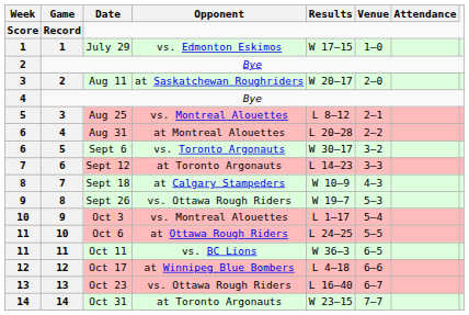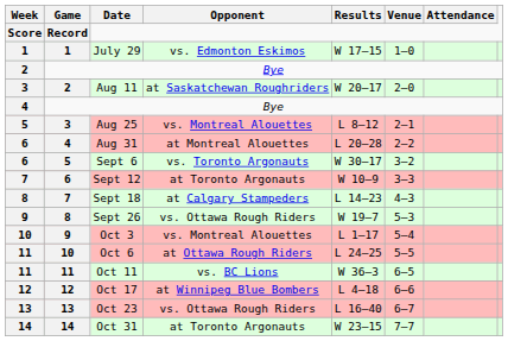 <table class="wikitable" style="text-align:center">
 <tr>
 <th>Week</th>
 <th>Game</th>
 <th>Date</th>
 <th>Opponent</th>
 <th>Results</th>
 <th>Venue</th>
 <th>Attendance</th>
 </tr>
 <tr>
 <th>Score</th>
 <th>Record</th>
 </tr>
 <tr style="background:#ddffdd">
 <th>1</th>
 <th>1</th>
 <td>July 29</td>
 <td>vs. <a href='#'>Edmonton Eskimos</a></td>
 <td>W 17–15</td>
 <td>1–0</td>
 <td></td>
 <td></td>
 </tr>
 <tr>
 <th>2</th>
 <td colspan="7"><em><a href='#'>Bye</a></em></td>
 </tr>
 <tr style="background:#ddffdd">
 <th>3</th>
 <th>2</th>
 <td>Aug 11</td>
 <td>at <a href='#'>Saskatchewan Roughriders</a></td>
 <td>W 20–17</td>
 <td>2–0</td>
 <td></td>
 <td></td>
 </tr>
 <tr>
 <th>4</th>
 <td colspan="7"><em>Bye</em></td>
 </tr>
 <tr style="background:#ffbbbb">
 <th>5</th>
 <th>3</th>
 <td>Aug 25</td>
 <td>vs. <a href='#'>Montreal Alouettes</a></td>
 <td>L 8–12</td>
 <td>2–1</td>
 <td></td>
 <td></td>
 </tr>
 <tr style="background:#ffbbbb">
 <th>6</th>
 <th>4</th>
 <td>Aug 31</td>
 <td>at Montreal Alouettes</td>
 <td>L 20–28</td>
 <td>2–2</td>
 <td></td>
 <td></td>
 </tr>
 <tr style="background:#ddffdd">
 <th>6</th>
 <th>5</th>
 <td>Sept 6</td>
 <td>vs. <a href='#'>Toronto Argonauts</a></td>
 <td>W 30–17</td>
 <td>3–2</td>
 <td></td>
 <td></td>
 </tr>
 <tr style="background:#ffbbbb">
 <th>7</th>
 <th>6</th>
 <td>Sept 12</td>
 <td>at Toronto Argonauts</td>
-<td>L 14–23</td>
+<td>W 10–9</td>
 <td>3–3</td>
 <td></td>
 <td></td>
 </tr>
 <tr style="background:#ddffdd">
 <th>8</th>
 <th>7</th>
 <td>Sept 18</td>
 <td>at <a href='#'>Calgary Stampeders</a></td>
-<td>W 10–9</td>
+<td>L 14–23</td>
 <td>4–3</td>
 <td></td>
 <td></td>
 </tr>
 <tr style="background:#ddffdd">
 <th>9</th>
 <th>8</th>
 <td>Sept 26</td>
 <td>vs. Ottawa Rough Riders</td>
 <td>W 19–7</td>
 <td>5–3</td>
 <td></td>
 <td></td>
 </tr>
 <tr style="background:#ffbbbb">
 <th>10</th>
 <th>9</th>
 <td>Oct 3</td>
 <td>vs. Montreal Alouettes</td>
 <td>L 1–17</td>
 <td>5–4</td>
 <td></td>
 <td></td>
 </tr>
 <tr style="background:#ffbbbb">
 <th>11</th>
 <th>10</th>
 <td>Oct 6</td>
 <td>at <a href='#'>Ottawa Rough Riders</a></td>
 <td>L 24–25</td>
 <td>5–5</td>
 <td></td>
 <td></td>
 </tr>
 <tr style="background:#ddffdd">
 <th>11</th>
 <th>11</th>
 <td>Oct 11</td>
 <td>vs. <a href='#'>BC Lions</a></td>
 <td>W 36–3</td>
 <td>6–5</td>
 <td></td>
 <td></td>
 </tr>
 <tr style="background:#ffbbbb">
 <th>12</th>
 <th>12</th>
 <td>Oct 17</td>
 <td>at <a href='#'>Winnipeg Blue Bombers</a></td>
 <td>L 4–18</td>
 <td>6–6</td>
 <td></td>
 <td></td>
 </tr>
 <tr style="background:#ffbbbb">
 <th>13</th>
 <th>13</th>
 <td>Oct 23</td>
 <td>vs. Ottawa Rough Riders</td>
 <td>L 16–40</td>
 <td>6–7</td>
 <td></td>
 <td></td>
 </tr>
 <tr style="background:#ddffdd">
 <th>14</th>
 <th>14</th>
 <td>Oct 31</td>
 <td>at Toronto Argonauts</td>
 <td>W 23–15</td>
 <td>7–7</td>
 <td></td>
 <td></td>
 </tr>
 </table>
